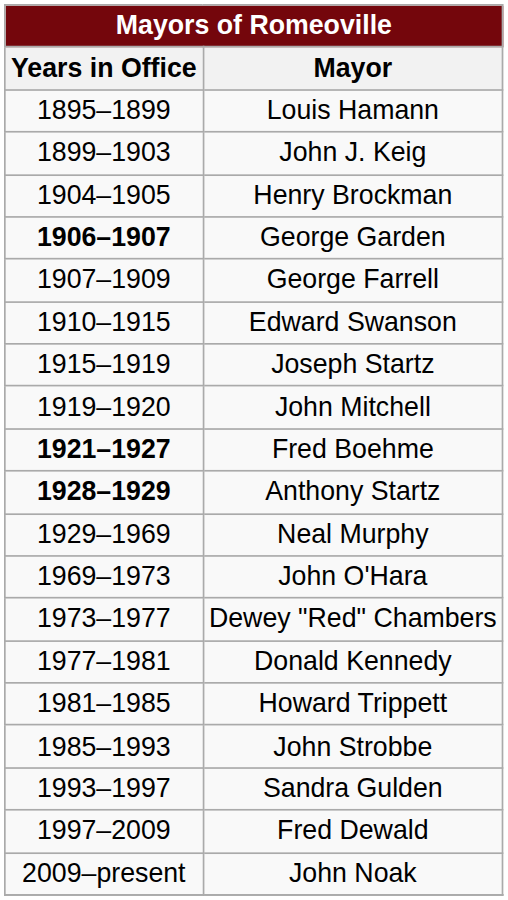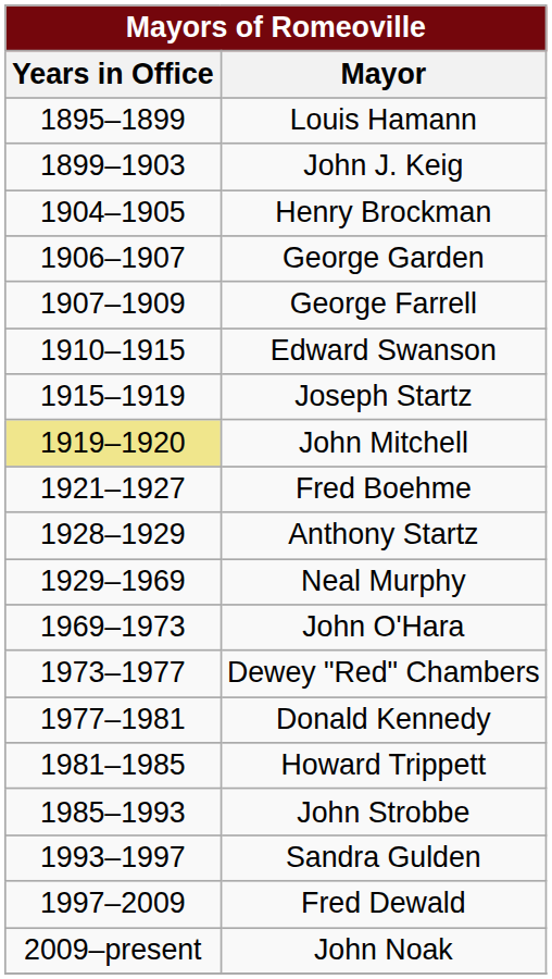 <table class="wikitable">
 <tr>
 <th colspan="6" style="background:#74060C;color: white">Mayors of Romeoville</th>
 </tr>
 <tr>
 <th>Years in Office</th>
 <th>Mayor</th>
 </tr>
 <tr align="center">
 <td>1895–1899</td>
 <td>Louis Hamann</td>
 </tr>
 <tr align="center">
 <td>1899–1903</td>
 <td>John J. Keig</td>
 </tr>
 <tr align="center">
 <td>1904–1905</td>
 <td>Henry Brockman</td>
 </tr>
 <tr align="center">
-<td><strong>1906–1907</strong></td>
+<td>1906–1907</td>
 <td>George Garden</td>
 </tr>
 <tr align="center">
 <td>1907–1909</td>
 <td>George Farrell</td>
 </tr>
 <tr align="center">
 <td>1910–1915</td>
 <td>Edward Swanson</td>
 </tr>
 <tr align="center">
 <td>1915–1919</td>
 <td>Joseph Startz</td>
 </tr>
 <tr align="center">
-<td>1919–1920</td>
+<td style="background: khaki;">1919–1920</td>
 <td>John Mitchell</td>
 </tr>
 <tr align="center">
-<td><strong>1921–1927</strong></td>
+<td>1921–1927</td>
 <td>Fred Boehme</td>
 </tr>
 <tr align="center">
-<td><strong>1928–1929</strong></td>
+<td>1928–1929</td>
 <td>Anthony Startz</td>
 </tr>
 <tr align="center">
 <td>1929–1969</td>
 <td>Neal Murphy</td>
 </tr>
 <tr align="center">
 <td>1969–1973</td>
 <td>John O'Hara</td>
 </tr>
 <tr align="center">
 <td>1973–1977</td>
 <td>Dewey "Red" Chambers</td>
 </tr>
 <tr align="center">
 <td>1977–1981</td>
 <td>Donald Kennedy</td>
 </tr>
 <tr align="center">
 <td>1981–1985</td>
 <td>Howard Trippett</td>
 </tr>
 <tr align="center">
 <td>1985–1993</td>
 <td>John Strobbe</td>
 </tr>
 <tr align="center">
 <td>1993–1997</td>
 <td>Sandra Gulden</td>
 </tr>
 <tr align="center">
 <td>1997–2009</td>
 <td>Fred Dewald</td>
 </tr>
 <tr align="center">
 <td>2009–present</td>
 <td>John Noak</td>
 </tr>
 <tr align="center">
 </tr>
 <tr>
 </tr>
 </table>
